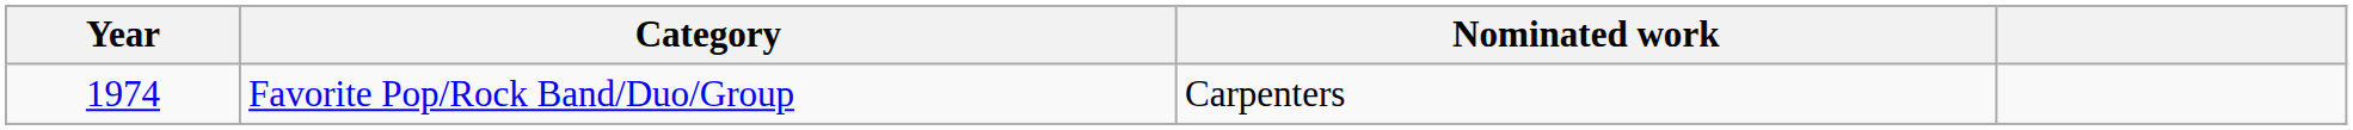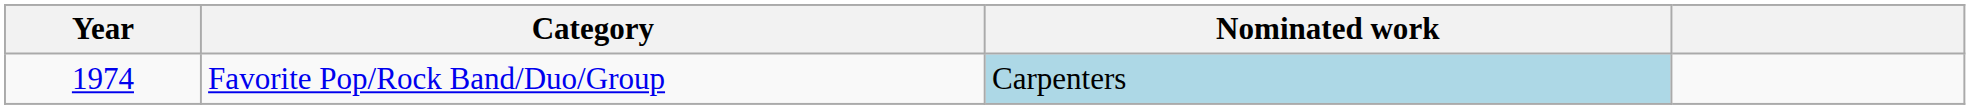 <table width="80%" class="wikitable">
 <tr>
 <th style="width:10%;">Year</th>
 <th style="width:40%;">Category</th>
 <th style="width:35%;">Nominated work</th>
 <th></th>
 </tr>
 <tr>
 <td rowspan="8" style="text-align:center;"><a href='#'>1974</a></td>
 <td><a href='#'>Favorite Pop/Rock Band/Duo/Group</a></td>
-<td>Carpenters</td>
+<td style="background: lightblue;">Carpenters</td>
 <td></td>
 </tr>
 </table>
